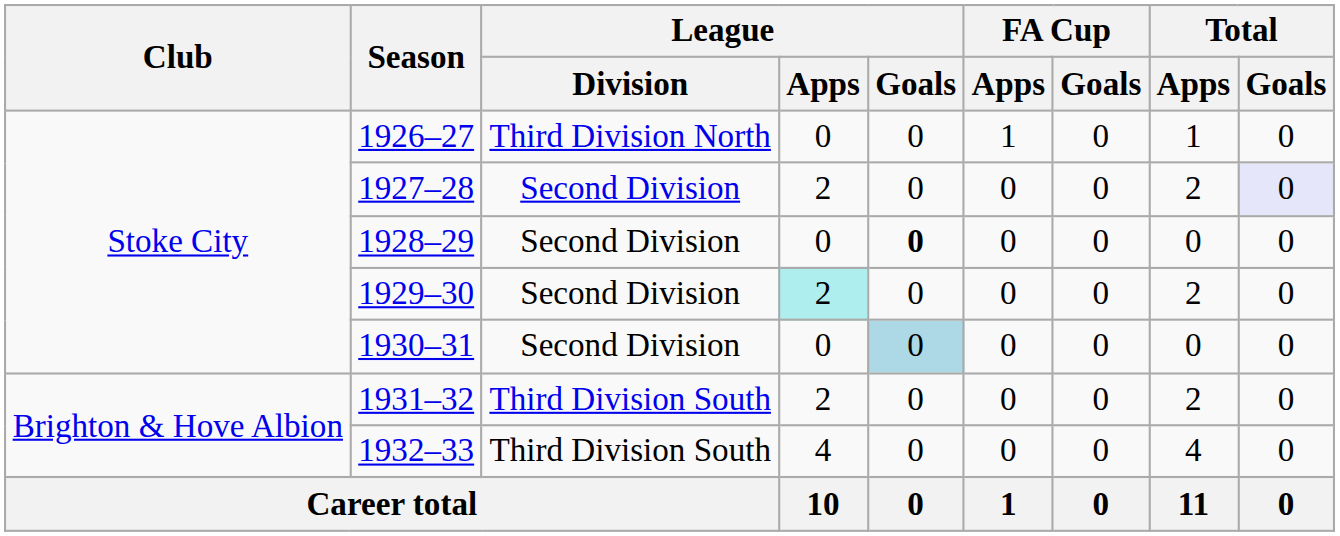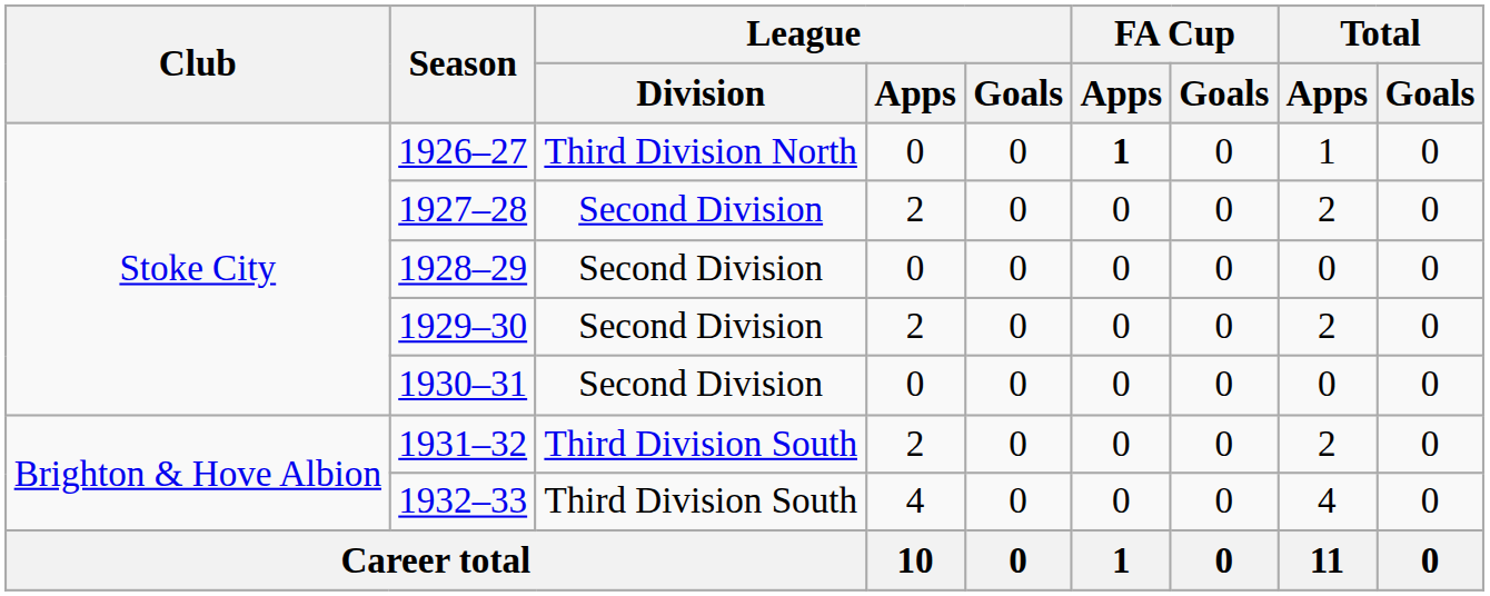 <table class="wikitable" style="text-align: center;">
 <tr>
 <th rowspan="2">Club</th>
 <th rowspan="2">Season</th>
 <th colspan="3">League</th>
 <th colspan="2">FA Cup</th>
 <th colspan="2">Total</th>
 </tr>
 <tr>
 <th>Division</th>
 <th>Apps</th>
 <th>Goals</th>
 <th>Apps</th>
 <th>Goals</th>
 <th>Apps</th>
 <th>Goals</th>
 </tr>
 <tr>
 <td rowspan="5"><a href='#'>Stoke City</a></td>
 <td><a href='#'>1926–27</a></td>
 <td><a href='#'>Third Division North</a></td>
 <td>0</td>
 <td>0</td>
-<td>1</td>
+<td><strong>1</strong></td>
 <td>0</td>
 <td>1</td>
 <td>0</td>
 </tr>
 <tr>
 <td><a href='#'>1927–28</a></td>
 <td><a href='#'>Second Division</a></td>
 <td>2</td>
 <td>0</td>
 <td>0</td>
 <td>0</td>
 <td>2</td>
-<td style="background: lavender;">0</td>
+<td>0</td>
 </tr>
 <tr>
 <td><a href='#'>1928–29</a></td>
 <td>Second Division</td>
 <td>0</td>
-<td><strong>0</strong></td>
+<td>0</td>
 <td>0</td>
 <td>0</td>
 <td>0</td>
 <td>0</td>
 </tr>
 <tr>
 <td><a href='#'>1929–30</a></td>
 <td>Second Division</td>
-<td style="background: paleturquoise;">2</td>
+<td>2</td>
 <td>0</td>
 <td>0</td>
 <td>0</td>
 <td>2</td>
 <td>0</td>
 </tr>
 <tr>
 <td><a href='#'>1930–31</a></td>
 <td>Second Division</td>
 <td>0</td>
-<td style="background: lightblue;">0</td>
+<td>0</td>
 <td>0</td>
 <td>0</td>
 <td>0</td>
 <td>0</td>
 </tr>
 <tr>
 <td rowspan=2><a href='#'>Brighton & Hove Albion</a></td>
 <td><a href='#'>1931–32</a></td>
 <td><a href='#'>Third Division South</a></td>
 <td>2</td>
 <td>0</td>
 <td>0</td>
 <td>0</td>
 <td>2</td>
 <td>0</td>
 </tr>
 <tr>
 <td><a href='#'>1932–33</a></td>
 <td>Third Division South</td>
 <td>4</td>
 <td>0</td>
 <td>0</td>
 <td>0</td>
 <td>4</td>
 <td>0</td>
 </tr>
 <tr>
 <th colspan="3">Career total</th>
 <th>10</th>
 <th>0</th>
 <th>1</th>
 <th>0</th>
 <th>11</th>
 <th>0</th>
 </tr>
 </table>
